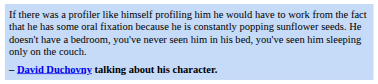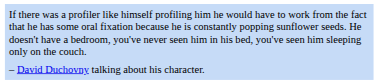 <table class="toccolours" style="float: right; margin-left: 1em; margin-right: 2em; font-size: 90%; background:#c6dbf7; color:black; width:37em; max-width: 40%;" cellspacing="5">
 <tr>
 <td style="text-align: left;">If there was a profiler like himself profiling him he would have to work from the fact that he has some oral fixation because he is constantly popping sunflower seeds. He doesn't have a bedroom, you've never seen him in his bed, you've seen him sleeping only on the couch.</td>
 </tr>
 <tr>
-<td style="text-align: left;"><strong>– <a href='#'>David Duchovny</a> talking about his character.</strong></td>
+<td style="text-align: left;">– <a href='#'>David Duchovny</a> talking about his character.</td>
 </tr>
 </table>
